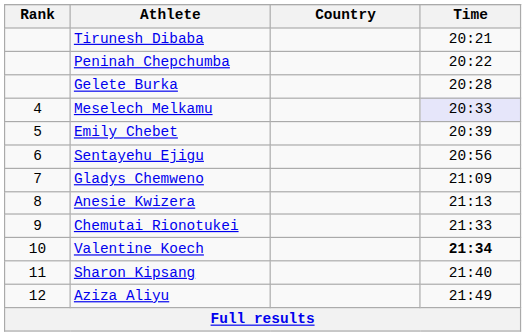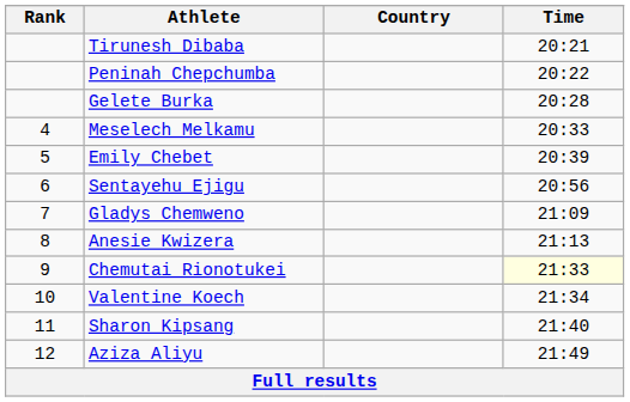 <table class="wikitable sortable" style=" text-align:center; font-size:95%;" width="50%">
 <tr>
 </tr>
 <tr>
 <th width=5%>Rank</th>
 <th width=20%>Athlete</th>
 <th width=15%>Country</th>
 <th width=10%>Time</th>
 </tr>
 <tr>
 <td align=center></td>
 <td align=left><a href='#'>Tirunesh Dibaba</a></td>
 <td align=left></td>
 <td>20:21</td>
 </tr>
 <tr>
 <td align=center></td>
 <td align=left><a href='#'>Peninah Chepchumba</a></td>
 <td align=left></td>
 <td>20:22</td>
 </tr>
 <tr>
 <td align=center></td>
 <td align=left><a href='#'>Gelete Burka</a></td>
 <td align=left></td>
 <td>20:28</td>
 </tr>
 <tr>
 <td align=center>4</td>
 <td align=left><a href='#'>Meselech Melkamu</a></td>
 <td align=left></td>
-<td style="background: lavender;">20:33</td>
+<td>20:33</td>
 </tr>
 <tr>
 <td align=center>5</td>
 <td align=left><a href='#'>Emily Chebet</a></td>
 <td align=left></td>
 <td>20:39</td>
 </tr>
 <tr>
 <td align=center>6</td>
 <td align=left><a href='#'>Sentayehu Ejigu</a></td>
 <td align=left></td>
 <td>20:56</td>
 </tr>
 <tr>
 <td align=center>7</td>
 <td align=left><a href='#'>Gladys Chemweno</a></td>
 <td align=left></td>
 <td>21:09</td>
 </tr>
 <tr>
 <td align=center>8</td>
 <td align=left><a href='#'>Anesie Kwizera</a></td>
 <td align=left></td>
 <td>21:13</td>
 </tr>
 <tr>
 <td align=center>9</td>
 <td align=left><a href='#'>Chemutai Rionotukei</a></td>
 <td align=left></td>
-<td>21:33</td>
+<td style="background: lightyellow;">21:33</td>
 </tr>
 <tr>
 <td align=center>10</td>
 <td align=left><a href='#'>Valentine Koech</a></td>
 <td align=left></td>
-<td><strong>21:34</strong></td>
+<td>21:34</td>
 </tr>
 <tr>
 <td align=center>11</td>
 <td align=left><a href='#'>Sharon Kipsang</a></td>
 <td align=left></td>
 <td>21:40</td>
 </tr>
 <tr>
 <td align=center>12</td>
 <td align=left><a href='#'>Aziza Aliyu</a></td>
 <td align=left></td>
 <td>21:49</td>
 </tr>
 <tr class="sortbottom">
 <th colspan=4 align=center><a href='#'>Full results</a></th>
 </tr>
 </table>
